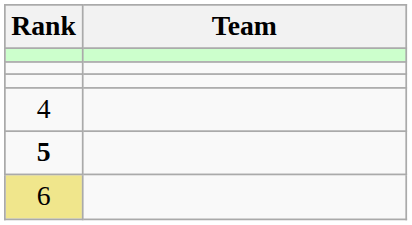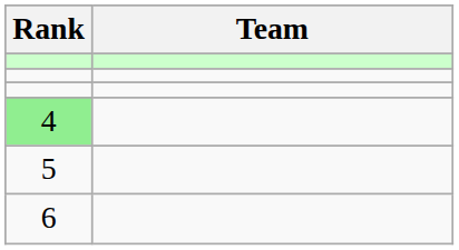 <table class=wikitable style="text-align:center;">
 <tr>
 <th>Rank</th>
 <th width=180>Team</th>
 </tr>
 <tr bgcolor=ccffcc>
 <td></td>
 <td align=left></td>
 </tr>
 <tr>
 <td></td>
 <td align=left></td>
 </tr>
 <tr>
 <td></td>
 <td align=left></td>
 </tr>
 <tr>
-<td>4</td>
+<td style="background: lightgreen;">4</td>
 <td align=left></td>
 </tr>
 <tr>
-<td><strong>5</strong></td>
+<td>5</td>
 <td align=left></td>
 </tr>
 <tr>
-<td style="background: khaki;">6</td>
+<td>6</td>
 <td align=left></td>
 </tr>
 </table>
